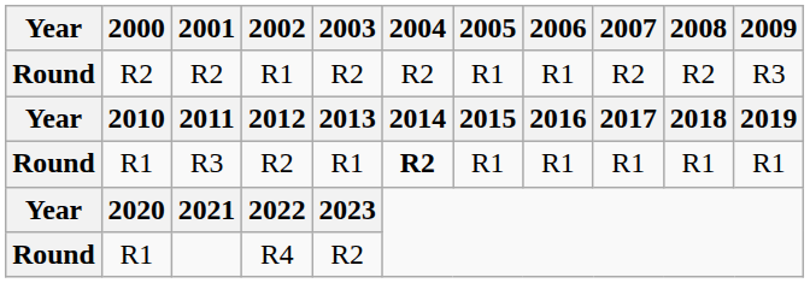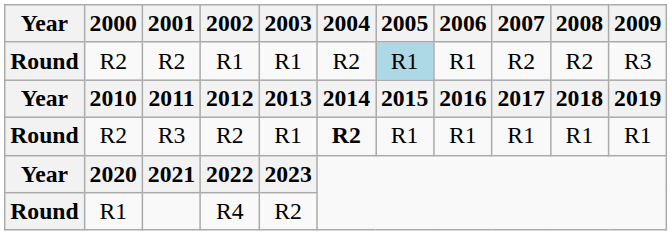 <table class="wikitable" style="text-align:center">
 <tr>
 <th>Year</th>
 <th>2000</th>
 <th>2001</th>
 <th>2002</th>
 <th>2003</th>
 <th>2004</th>
 <th>2005</th>
 <th>2006</th>
 <th>2007</th>
 <th>2008</th>
 <th>2009</th>
 </tr>
 <tr>
 <th>Round</th>
 <td>R2</td>
 <td>R2</td>
 <td>R1</td>
+<td>R1</td>
 <td>R2</td>
-<td>R2</td>
-<td>R1</td>
+<td style="background: lightblue;">R1</td>
 <td>R1</td>
 <td>R2</td>
 <td>R2</td>
 <td>R3</td>
 </tr>
 <tr>
 <th>Year</th>
 <th>2010</th>
 <th>2011</th>
 <th>2012</th>
 <th>2013</th>
 <th>2014</th>
 <th>2015</th>
 <th>2016</th>
 <th>2017</th>
 <th>2018</th>
 <th>2019</th>
 </tr>
 <tr>
 <th>Round</th>
-<td>R1</td>
+<td>R2</td>
 <td>R3</td>
 <td>R2</td>
 <td>R1</td>
 <td><strong>R2</strong></td>
 <td>R1</td>
 <td>R1</td>
 <td>R1</td>
 <td>R1</td>
 <td>R1</td>
 </tr>
 <tr>
 <th>Year</th>
 <th>2020</th>
 <th>2021</th>
 <th>2022</th>
 <th>2023</th>
 </tr>
 <tr>
 <th>Round</th>
 <td>R1</td>
 <td></td>
 <td>R4</td>
 <td>R2</td>
 </tr>
 </table>
